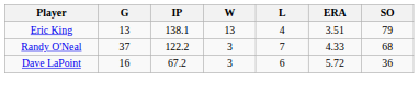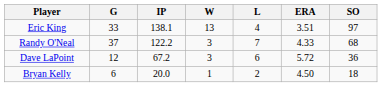 <table class="wikitable sortable">
 <tr>
 <th bgcolor="#DDDDFF" width="16%">Player</th>
 <th bgcolor="#DDDDFF" width="9%">G</th>
 <th bgcolor="#DDDDFF" width="9%">IP</th>
 <th bgcolor="#DDDDFF" width="9%">W</th>
 <th bgcolor="#DDDDFF" width="9%">L</th>
 <th bgcolor="#DDDDFF" width="9%">ERA</th>
 <th bgcolor="#DDDDFF" width="9%">SO</th>
 </tr>
 <tr align="center">
 <td><a href='#'>Eric King</a></td>
-<td>13</td>
+<td>33</td>
 <td>138.1</td>
 <td>13</td>
 <td>4</td>
 <td>3.51</td>
-<td>79</td>
+<td>97</td>
 </tr>
 <tr align="center">
 <td><a href='#'>Randy O'Neal</a></td>
 <td>37</td>
 <td>122.2</td>
 <td>3</td>
 <td>7</td>
 <td>4.33</td>
 <td>68</td>
 </tr>
 <tr align="center">
 <td><a href='#'>Dave LaPoint</a></td>
-<td>16</td>
+<td>12</td>
 <td>67.2</td>
 <td>3</td>
 <td>6</td>
 <td>5.72</td>
 <td>36</td>
 </tr>
+<tr align="center">
+<td><a href='#'>Bryan Kelly</a></td>
+<td>6</td>
+<td>20.0</td>
+<td>1</td>
+<td>2</td>
+<td>4.50</td>
+<td>18</td>
+</tr>
 </table>
